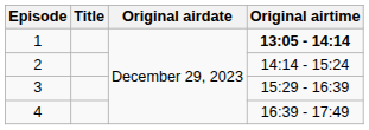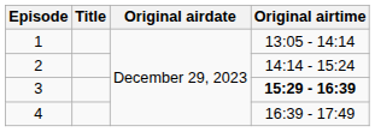 <table class="wikitable" style="text-align: center;">
 <tr>
 <th>Episode</th>
 <th>Title</th>
 <th>Original airdate</th>
 <th>Original airtime</th>
 </tr>
 <tr>
 <td>1</td>
 <td></td>
 <td rowspan="4">December 29, 2023</td>
-<td><strong>13:05 - 14:14</strong></td>
+<td>13:05 - 14:14</td>
 </tr>
 <tr>
 <td>2</td>
 <td></td>
 <td>14:14 - 15:24</td>
 </tr>
 <tr>
 <td>3</td>
 <td></td>
-<td>15:29 - 16:39</td>
+<td><strong>15:29 - 16:39</strong></td>
 </tr>
 <tr>
 <td>4</td>
 <td></td>
 <td>16:39 - 17:49</td>
 </tr>
 </table>
